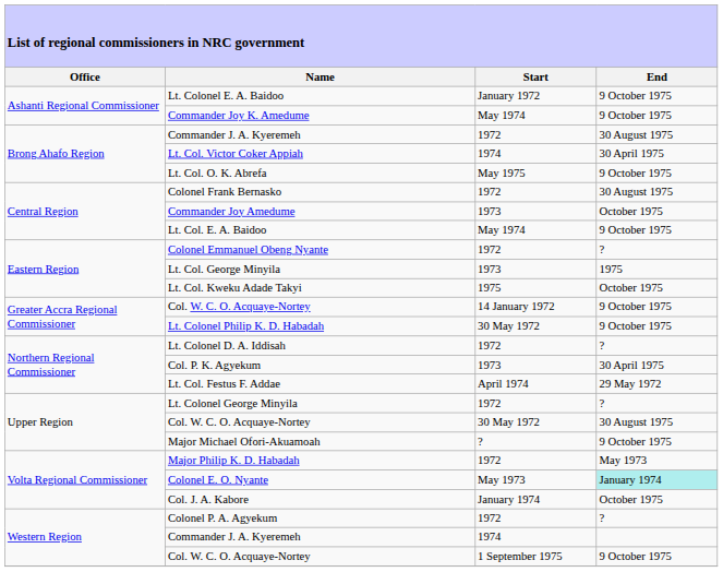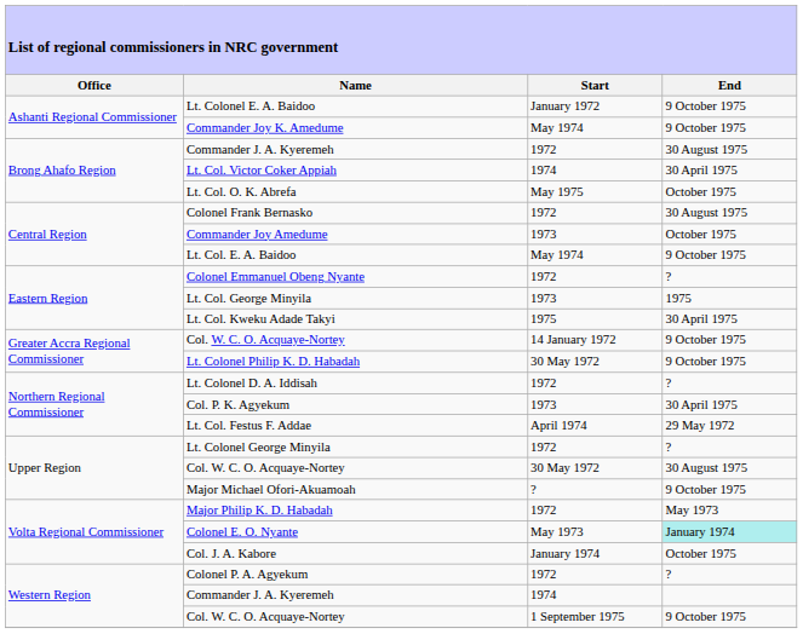 <table class="wikitable" style="font-size:90%; text-align:left; margin:1em auto;">
 <tr>
 <td bgcolor="#ccccff" colspan="6"><br><h3>List of regional commissioners in NRC government</h3></td>
 </tr>
 <tr>
 <th width=200>Office</th>
 <th width=400>Name</th>
 <th width=150>Start</th>
 <th width=150>End</th>
 </tr>
 <tr>
 <td rowspan=2><a href='#'>Ashanti Regional Commissioner</a></td>
 <td>Lt. Colonel E. A. Baidoo</td>
 <td>January 1972</td>
 <td>9 October 1975</td>
 </tr>
 <tr>
 <td><a href='#'>Commander Joy K. Amedume</a></td>
 <td>May 1974</td>
 <td>9 October 1975</td>
 </tr>
 <tr>
 <td rowspan=3><a href='#'>Brong Ahafo Region</a></td>
 <td>Commander J. A. Kyeremeh</td>
 <td>1972</td>
 <td>30 August 1975</td>
 </tr>
 <tr>
 <td><a href='#'>Lt. Col. Victor Coker Appiah</a></td>
 <td>1974</td>
 <td>30 April 1975</td>
 </tr>
 <tr>
 <td>Lt. Col. O. K. Abrefa</td>
 <td>May 1975</td>
-<td>9 October 1975</td>
+<td>October 1975</td>
 </tr>
 <tr>
 <td rowspan=3><a href='#'>Central Region</a></td>
 <td>Colonel Frank Bernasko</td>
 <td>1972</td>
 <td>30 August 1975</td>
 </tr>
 <tr>
 <td><a href='#'>Commander Joy Amedume</a></td>
 <td>1973</td>
 <td>October 1975</td>
 </tr>
 <tr>
 <td>Lt. Col. E. A. Baidoo</td>
 <td>May 1974</td>
 <td>9 October 1975</td>
 </tr>
 <tr>
 <td rowspan=3><a href='#'>Eastern Region</a></td>
 <td><a href='#'>Colonel Emmanuel Obeng Nyante</a></td>
 <td>1972</td>
 <td>?</td>
 </tr>
 <tr>
 <td>Lt. Col. George Minyila</td>
 <td>1973</td>
 <td>1975</td>
 </tr>
 <tr>
 <td>Lt. Col. Kweku Adade Takyi</td>
 <td>1975</td>
-<td>October 1975</td>
+<td>30 April 1975</td>
 </tr>
 <tr>
 <td rowspan="2"><a href='#'>Greater Accra Regional Commissioner</a></td>
 <td>Col. <a href='#'>W. C. O. Acquaye-Nortey</a></td>
 <td>14 January 1972</td>
 <td>9 October 1975</td>
 </tr>
 <tr>
 <td><a href='#'>Lt. Colonel Philip K. D. Habadah</a></td>
 <td>30 May 1972</td>
 <td>9 October 1975</td>
 </tr>
 <tr>
 <td rowspan=3><a href='#'>Northern Regional Commissioner</a></td>
 <td>Lt. Colonel D. A. Iddisah</td>
 <td>1972</td>
 <td>?</td>
 </tr>
 <tr>
 <td>Col. P. K. Agyekum</td>
 <td>1973</td>
 <td>30 April 1975</td>
 </tr>
 <tr>
 <td>Lt. Col. Festus F. Addae</td>
 <td>April 1974</td>
 <td>29 May 1972</td>
 </tr>
 <tr>
 <td rowspan=3>Upper Region</td>
 <td>Lt. Colonel George Minyila</td>
 <td>1972</td>
 <td>?</td>
 </tr>
 <tr>
 <td>Col. W. C. O. Acquaye-Nortey</td>
 <td>30 May 1972</td>
 <td>30 August 1975</td>
 </tr>
 <tr>
 <td>Major Michael Ofori-Akuamoah</td>
 <td>?</td>
 <td>9 October 1975</td>
 </tr>
 <tr>
 <td rowspan=3><a href='#'>Volta Regional Commissioner</a></td>
 <td><a href='#'>Major Philip K. D. Habadah</a></td>
 <td>1972</td>
 <td>May 1973</td>
 </tr>
 <tr>
 <td><a href='#'>Colonel E. O. Nyante</a></td>
 <td>May 1973</td>
 <td style="background: paleturquoise;">January 1974</td>
 </tr>
 <tr>
 <td>Col. J. A. Kabore</td>
 <td>January 1974</td>
 <td>October 1975</td>
 </tr>
 <tr>
 <td rowspan=3><a href='#'>Western Region</a></td>
 <td>Colonel P. A. Agyekum</td>
 <td>1972</td>
 <td>?</td>
 </tr>
 <tr>
 <td>Commander J. A. Kyeremeh</td>
 <td>1974</td>
 <td></td>
 </tr>
 <tr>
 <td>Col. W. C. O. Acquaye-Nortey</td>
 <td>1 September 1975</td>
 <td>9 October 1975</td>
 </tr>
 <tr>
 </tr>
 </table>
